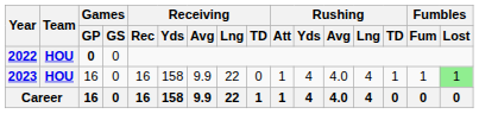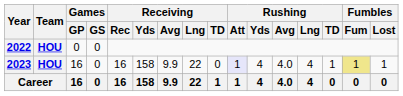 <table class=wikitable style="text-align:center;">
 <tr>
 <th rowspan="2">Year</th>
 <th rowspan="2">Team</th>
 <th colspan="2">Games</th>
 <th colspan="5">Receiving</th>
 <th colspan="5">Rushing</th>
 <th colspan="2">Fumbles</th>
 </tr>
 <tr>
 <th>GP</th>
 <th>GS</th>
 <th>Rec</th>
 <th>Yds</th>
 <th>Avg</th>
 <th>Lng</th>
 <th>TD</th>
 <th>Att</th>
 <th>Yds</th>
 <th>Avg</th>
 <th>Lng</th>
 <th>TD</th>
 <th>Fum</th>
 <th>Lost</th>
 </tr>
 <tr>
 <th><a href='#'>2022</a></th>
 <th><a href='#'>HOU</a></th>
-<td><strong>0</strong></td>
+<td>0</td>
 <td>0</td>
 <td colspan="12"></td>
 </tr>
 <tr>
 <th><a href='#'>2023</a></th>
 <th><a href='#'>HOU</a></th>
 <td>16</td>
 <td>0</td>
 <td>16</td>
 <td>158</td>
 <td>9.9</td>
 <td>22</td>
 <td>0</td>
-<td>1</td>
+<td style="background: lavender;">1</td>
 <td>4</td>
 <td>4.0</td>
 <td>4</td>
 <td>1</td>
+<td style="background: khaki;">1</td>
 <td>1</td>
-<td style="background: lightgreen;">1</td>
 </tr>
 <tr>
 <th colspan="2">Career</th>
 <th>16</th>
 <th>0</th>
 <th>16</th>
 <th>158</th>
 <th>9.9</th>
 <th>22</th>
 <th>1</th>
 <th>1</th>
 <th>4</th>
 <th>4.0</th>
 <th>4</th>
 <th>0</th>
 <th>0</th>
 <th>0</th>
 </tr>
 </table>
